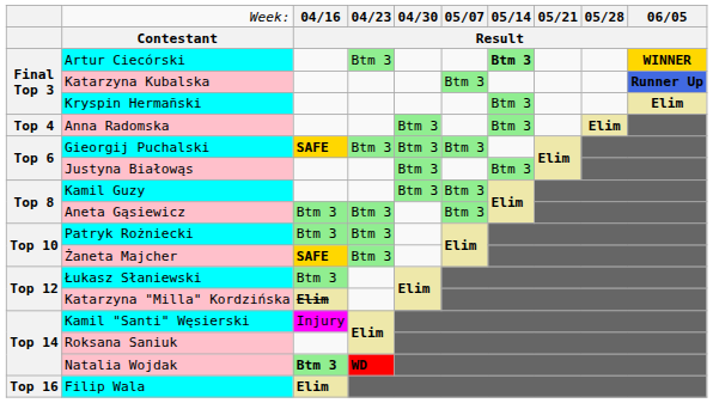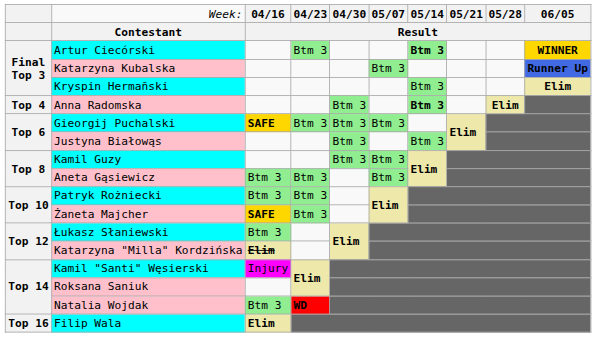 <table class="wikitable" style="margin:1em auto;">
 <tr>
 <th></th>
 <td align="right"><em>Week:</em></td>
 <th>04/16</th>
 <th>04/23</th>
 <th>04/30</th>
 <th>05/07</th>
 <th>05/14</th>
 <th>05/21</th>
 <th>05/28</th>
 <th>06/05</th>
 </tr>
 <tr>
 <th></th>
 <th>Contestant</th>
 <th colspan="8" align="center">Result</th>
 </tr>
 <tr>
 <th rowspan="3">Final<br>Top 3</th>
 <td bgcolor="cyan">Artur Ciecórski</td>
 <td></td>
 <td style="background:lightgreen;">Btm 3</td>
 <td></td>
 <td></td>
 <td style="background:lightgreen;"><strong>Btm 3</strong></td>
 <td></td>
 <td></td>
 <td bgcolor="gold" align="center"><strong>WINNER</strong></td>
 </tr>
 <tr>
 <td bgcolor="pink">Katarzyna Kubalska</td>
 <td></td>
 <td></td>
 <td></td>
 <td style="background:lightgreen;">Btm 3</td>
 <td></td>
 <td></td>
 <td></td>
 <td bgcolor="royalblue" align="center"><strong>Runner Up</strong></td>
 </tr>
 <tr>
 <td bgcolor="cyan">Kryspin Hermañski</td>
 <td></td>
 <td></td>
 <td></td>
 <td></td>
 <td style="background:lightgreen;">Btm 3</td>
 <td></td>
 <td></td>
 <td bgcolor="palegoldenrod" align="center"><strong>Elim</strong></td>
 </tr>
 <tr>
 <th>Top 4</th>
 <td bgcolor="pink">Anna Radomska</td>
 <td></td>
 <td></td>
 <td style="background:lightgreen;">Btm 3</td>
 <td></td>
-<td style="background:lightgreen;">Btm 3</td>
+<td style="background:lightgreen;"><strong>Btm 3</strong></td>
 <td></td>
 <td bgcolor="palegoldenrod" align="center"><strong>Elim</strong></td>
 <td bgcolor="666666"></td>
 </tr>
 <tr>
 <th rowspan="2">Top 6</th>
 <td bgcolor="cyan">Gieorgij Puchalski</td>
 <td style="background:gold;"><strong>SAFE</strong></td>
 <td style="background:lightgreen;">Btm 3</td>
 <td style="background:lightgreen;">Btm 3</td>
 <td style="background:lightgreen;">Btm 3</td>
 <td></td>
 <td rowspan="2" bgcolor="palegoldenrod"><strong>Elim</strong></td>
 <td colspan="2" bgcolor="666666"></td>
 </tr>
 <tr>
 <td bgcolor="pink">Justyna Białowąs</td>
 <td></td>
 <td></td>
 <td style="background:lightgreen;">Btm 3</td>
 <td></td>
 <td style="background:lightgreen;">Btm 3</td>
 <td colspan="2" bgcolor="666666"></td>
 </tr>
 <tr>
 <th rowspan="2">Top 8</th>
 <td bgcolor="cyan">Kamil Guzy</td>
 <td></td>
 <td></td>
 <td style="background:lightgreen;">Btm 3</td>
 <td style="background:lightgreen;">Btm 3</td>
 <td rowspan="2" bgcolor="palegoldenrod"><strong>Elim</strong></td>
 <td colspan="3" bgcolor="666666"></td>
 </tr>
 <tr>
 <td bgcolor="pink">Aneta Gąsiewicz</td>
 <td style="background:lightgreen;">Btm 3</td>
 <td style="background:lightgreen;">Btm 3</td>
 <td></td>
 <td style="background:lightgreen;">Btm 3</td>
 <td colspan="3" bgcolor="666666"></td>
 </tr>
 <tr>
 <th rowspan="2">Top 10</th>
 <td bgcolor="cyan">Patryk Rożniecki</td>
 <td style="background:lightgreen;">Btm 3</td>
 <td style="background:lightgreen;">Btm 3</td>
 <td></td>
 <td rowspan="2" bgcolor="palegoldenrod"><strong>Elim</strong></td>
 <td colspan="4" bgcolor="666666"></td>
 </tr>
 <tr>
 <td bgcolor="pink">Żaneta Majcher</td>
 <td style="background:gold;"><strong>SAFE</strong></td>
 <td style="background:lightgreen;">Btm 3</td>
 <td></td>
 <td colspan="4" bgcolor="666666"></td>
 </tr>
 <tr>
 <th rowspan="2">Top 12</th>
 <td bgcolor="cyan">Łukasz Słaniewski</td>
 <td style="background:lightgreen;">Btm 3</td>
 <td></td>
 <td rowspan="2" bgcolor="palegoldenrod"><strong>Elim</strong></td>
 <td colspan="5" bgcolor="666666"></td>
 </tr>
 <tr>
 <td bgcolor="pink">Katarzyna "Milla" Kordzińska</td>
 <td bgcolor="palegoldenrod"><strong><s>Elim</s></strong></td>
 <td></td>
 <td colspan="5" bgcolor="666666"></td>
 </tr>
 <tr>
 <th rowspan="3">Top 14</th>
 <td bgcolor="cyan">Kamil "Santi" Węsierski</td>
 <td style="background:fuchsia;">Injury</td>
 <td rowspan="2" bgcolor="palegoldenrod"><strong>Elim</strong></td>
 <td colspan="6" bgcolor="666666"></td>
 </tr>
 <tr>
 <td bgcolor="pink">Roksana Saniuk</td>
 <td></td>
 <td colspan="6" bgcolor="666666"></td>
 </tr>
 <tr>
 <td bgcolor="pink">Natalia Wojdak</td>
-<td style="background:lightgreen;"><strong>Btm 3</strong></td>
+<td style="background:lightgreen;">Btm 3</td>
 <td style="background:red;"><strong>WD</strong></td>
 <td colspan="6" bgcolor="666666"></td>
 </tr>
 <tr>
 <th>Top 16</th>
 <td bgcolor="cyan">Filip Wala</td>
 <td bgcolor="palegoldenrod"><strong>Elim</strong></td>
 <td colspan="7" bgcolor="666666"></td>
 </tr>
 </table>
